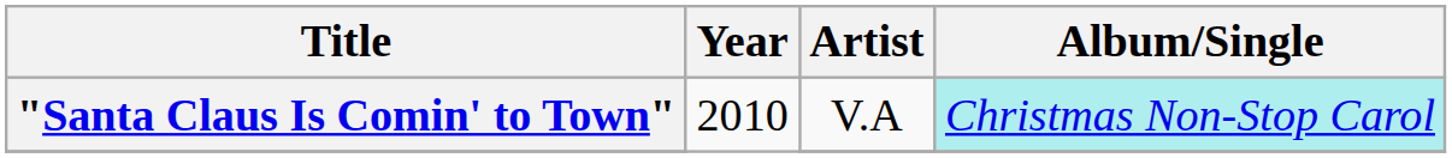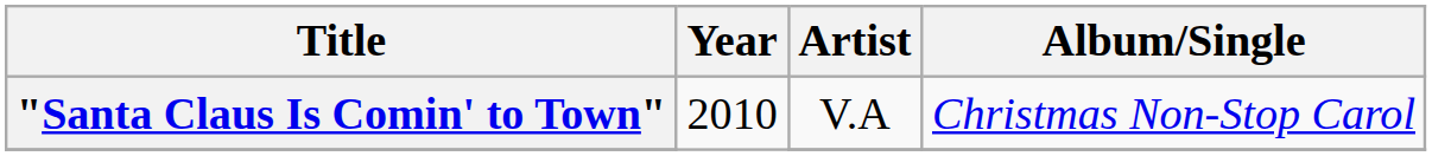 <table class="wikitable plainrowheaders" style="text-align:center;">
 <tr>
 <th scope="col">Title</th>
 <th scope="col">Year</th>
 <th scope="col">Artist</th>
 <th scope="col">Album/Single</th>
 </tr>
 <tr>
 <th scope="row">"<a href='#'>Santa Claus Is Comin' to Town</a>"</th>
 <td rowspan="3">2010</td>
 <td>V.A</td>
-<td style="background: paleturquoise;"><em><a href='#'>Christmas Non-Stop Carol</a></em></td>
+<td><em><a href='#'>Christmas Non-Stop Carol</a></em></td>
 </tr>
 <tr>
 </tr>
 </table>
